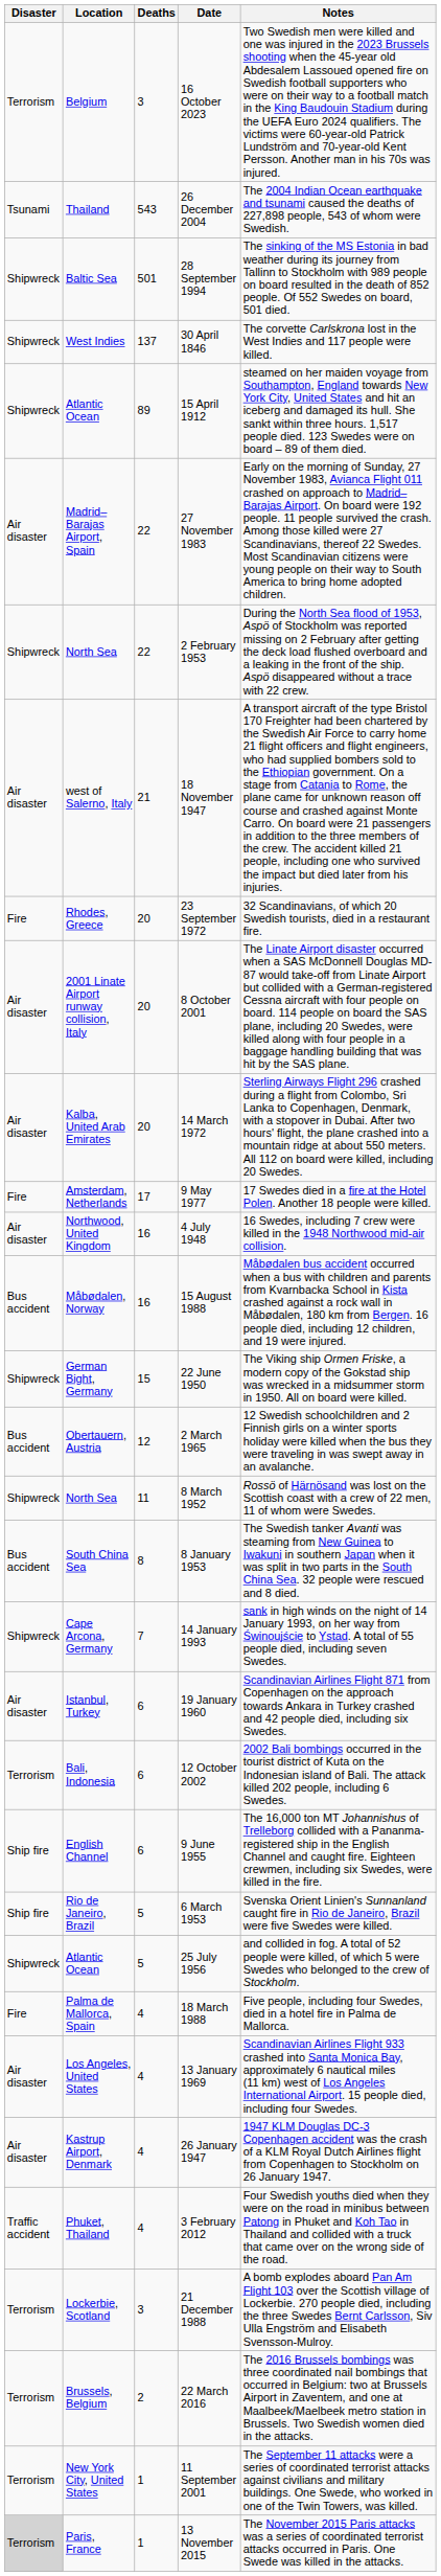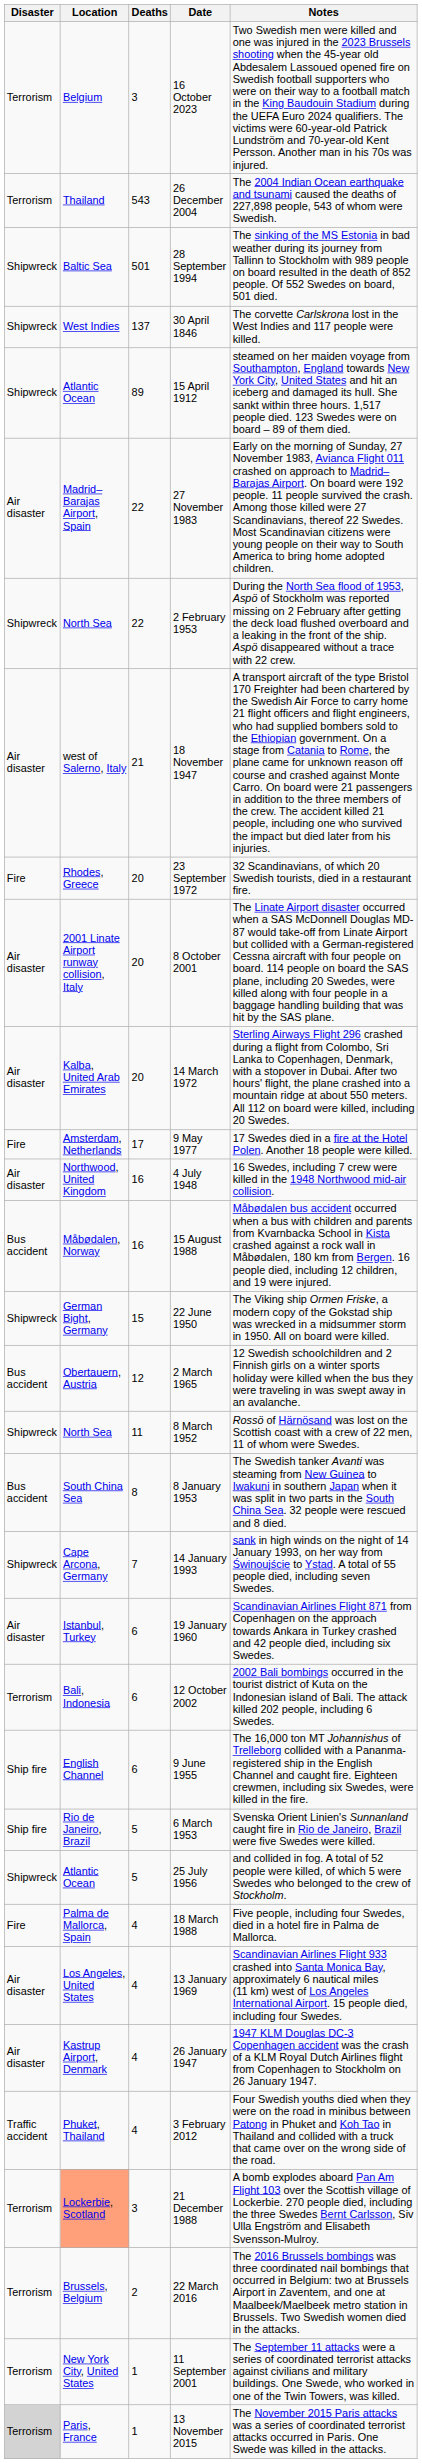 <table class="wikitable sortable">
 <tr>
 <th>Disaster</th>
 <th>Location</th>
 <th>Deaths</th>
 <th>Date</th>
 <th>Notes</th>
 </tr>
 <tr>
 <td>Terrorism</td>
 <td><a href='#'>Belgium</a></td>
 <td>3</td>
 <td>16<br>October 2023</td>
 <td>Two Swedish men were killed and one was injured in the <a href='#'>2023 Brussels shooting</a> when the 45-year old Abdesalem Lassoued opened fire on Swedish football supporters who were on their way to a football match in the <a href='#'>King Baudouin Stadium</a> during the UEFA Euro 2024 qualifiers. The victims were 60-year-old Patrick Lundström and 70-year-old Kent Persson. Another man in his 70s was injured.</td>
 </tr>
 <tr>
-<td>Tsunami</td>
+<td>Terrorism</td>
 <td><a href='#'>Thailand</a></td>
 <td>543</td>
 <td>26 December 2004</td>
 <td>The <a href='#'>2004 Indian Ocean earthquake and tsunami</a> caused the deaths of 227,898 people, 543 of whom were Swedish.</td>
 </tr>
 <tr>
 <td>Shipwreck</td>
 <td><a href='#'>Baltic Sea</a></td>
 <td>501</td>
 <td>28 September 1994</td>
 <td>The <a href='#'>sinking of the MS Estonia</a> in bad weather during its journey from Tallinn to Stockholm with 989 people on board resulted in the death of 852 people. Of 552 Swedes on board, 501 died.</td>
 </tr>
 <tr>
 <td>Shipwreck</td>
 <td><a href='#'>West Indies</a></td>
 <td>137</td>
 <td>30 April 1846</td>
 <td>The corvette <em>Carlskrona</em> lost in the West Indies and 117 people were killed.</td>
 </tr>
 <tr>
 <td>Shipwreck</td>
 <td><a href='#'>Atlantic Ocean</a></td>
 <td>89</td>
 <td>15 April 1912</td>
 <td> steamed on her maiden voyage from <a href='#'>Southampton</a>, <a href='#'>England</a> towards <a href='#'>New York City</a>, <a href='#'>United States</a> and hit an iceberg and damaged its hull. She sankt within three hours. 1,517 people died. 123 Swedes were on board – 89 of them died.</td>
 </tr>
 <tr>
 <td>Air disaster</td>
 <td><a href='#'>Madrid–Barajas Airport</a>, <a href='#'>Spain</a></td>
 <td>22</td>
 <td>27 November 1983</td>
 <td>Early on the morning of Sunday, 27 November 1983, <a href='#'>Avianca Flight 011</a> crashed on approach to <a href='#'>Madrid–Barajas Airport</a>. On board were 192 people. 11 people survived the crash. Among those killed were 27 Scandinavians, thereof 22 Swedes. Most Scandinavian citizens were young people on their way to South America to bring home adopted children.</td>
 </tr>
 <tr>
 <td>Shipwreck</td>
 <td><a href='#'>North Sea</a></td>
 <td>22</td>
 <td>2 February 1953</td>
 <td>During the <a href='#'>North Sea flood of 1953</a>, <em>Aspö</em> of Stockholm was reported missing on 2 February after getting the deck load flushed overboard and a leaking in the front of the ship. <em>Aspö</em> disappeared without a trace with 22 crew.</td>
 </tr>
 <tr>
 <td>Air disaster</td>
 <td>west of <a href='#'>Salerno</a>, <a href='#'>Italy</a></td>
 <td>21</td>
 <td>18 November 1947</td>
 <td>A transport aircraft of the type Bristol 170 Freighter had been chartered by the Swedish Air Force to carry home 21 flight officers and flight engineers, who had supplied bombers sold to the <a href='#'>Ethiopian</a> government. On a stage from <a href='#'>Catania</a> to <a href='#'>Rome</a>, the plane came for unknown reason off course and crashed against Monte Carro. On board were 21 passengers in addition to the three members of the crew. The accident killed 21 people, including one who survived the impact but died later from his injuries.</td>
 </tr>
 <tr>
 <td>Fire</td>
 <td><a href='#'>Rhodes</a>, <a href='#'>Greece</a></td>
 <td>20</td>
 <td>23 September 1972</td>
 <td>32 Scandinavians, of which 20 Swedish tourists, died in a restaurant fire.</td>
 </tr>
 <tr>
 <td>Air disaster</td>
 <td><a href='#'>2001 Linate Airport runway collision</a>, <a href='#'>Italy</a></td>
 <td>20</td>
 <td>8 October 2001</td>
 <td>The <a href='#'>Linate Airport disaster</a> occurred when a SAS McDonnell Douglas MD-87 would take-off from Linate Airport but collided with a German-registered Cessna aircraft with four people on board. 114 people on board the SAS plane, including 20 Swedes, were killed along with four people in a baggage handling building that was hit by the SAS plane.</td>
 </tr>
 <tr>
 <td>Air disaster</td>
 <td><a href='#'>Kalba</a>, <a href='#'>United Arab Emirates</a></td>
 <td>20</td>
 <td>14 March 1972</td>
 <td><a href='#'>Sterling Airways Flight 296</a> crashed during a flight from Colombo, Sri Lanka to Copenhagen, Denmark, with a stopover in Dubai. After two hours' flight, the plane crashed into a mountain ridge at about 550 meters. All 112 on board were killed, including 20 Swedes.</td>
 </tr>
 <tr>
 <td>Fire</td>
 <td><a href='#'>Amsterdam</a>, <a href='#'>Netherlands</a></td>
 <td>17</td>
 <td>9 May 1977</td>
 <td>17 Swedes died in a <a href='#'>fire at the Hotel Polen</a>. Another 18 people were killed.</td>
 </tr>
 <tr>
 <td>Air disaster</td>
 <td><a href='#'>Northwood</a>, <a href='#'>United Kingdom</a></td>
 <td>16</td>
 <td>4 July 1948</td>
 <td>16 Swedes, including 7 crew were killed in the <a href='#'>1948 Northwood mid-air collision</a>.</td>
 </tr>
 <tr>
 <td>Bus accident</td>
 <td><a href='#'>Måbødalen</a>, <a href='#'>Norway</a></td>
 <td>16</td>
 <td>15 August 1988</td>
 <td><a href='#'>Måbødalen bus accident</a> occurred when a bus with children and parents from Kvarnbacka School in <a href='#'>Kista</a> crashed against a rock wall in Måbødalen, 180 km from <a href='#'>Bergen</a>. 16 people died, including 12 children, and 19 were injured.</td>
 </tr>
 <tr>
 <td>Shipwreck</td>
 <td><a href='#'>German Bight</a>, <a href='#'>Germany</a></td>
 <td>15</td>
 <td>22 June 1950</td>
 <td>The Viking ship <em>Ormen Friske</em>, a modern copy of the Gokstad ship was wrecked in a midsummer storm in 1950. All on board were killed.</td>
 </tr>
 <tr>
 <td>Bus accident</td>
 <td><a href='#'>Obertauern</a>, <a href='#'>Austria</a></td>
 <td>12</td>
 <td>2 March 1965</td>
 <td>12 Swedish schoolchildren and 2 Finnish girls on a winter sports holiday were killed when the bus they were traveling in was swept away in an avalanche.</td>
 </tr>
 <tr>
 <td>Shipwreck</td>
 <td><a href='#'>North Sea</a></td>
 <td>11</td>
 <td>8 March 1952</td>
 <td><em>Rossö</em> of <a href='#'>Härnösand</a> was lost on the Scottish coast with a crew of 22 men, 11 of whom were Swedes.</td>
 </tr>
 <tr>
 <td>Bus accident</td>
 <td><a href='#'>South China Sea</a></td>
 <td>8</td>
 <td>8 January 1953</td>
 <td>The Swedish tanker <em>Avanti</em> was steaming from <a href='#'>New Guinea</a> to <a href='#'>Iwakuni</a> in southern <a href='#'>Japan</a> when it was split in two parts in the <a href='#'>South China Sea</a>. 32 people were rescued and 8 died.</td>
 </tr>
 <tr>
 <td>Shipwreck</td>
 <td><a href='#'>Cape Arcona</a>, <a href='#'>Germany</a></td>
 <td>7</td>
 <td>14 January 1993</td>
 <td> <a href='#'>sank</a> in high winds on the night of 14 January 1993, on her way from <a href='#'>Świnoujście</a> to <a href='#'>Ystad</a>. A total of 55 people died, including seven Swedes.</td>
 </tr>
 <tr>
 <td>Air disaster</td>
 <td><a href='#'>Istanbul</a>, <a href='#'>Turkey</a></td>
 <td>6</td>
 <td>19 January 1960</td>
 <td><a href='#'>Scandinavian Airlines Flight 871</a> from Copenhagen on the approach towards Ankara in Turkey crashed and 42 people died, including six Swedes.</td>
 </tr>
 <tr>
 <td>Terrorism</td>
 <td><a href='#'>Bali</a>, <a href='#'>Indonesia</a></td>
 <td>6</td>
 <td>12 October 2002</td>
 <td><a href='#'>2002 Bali bombings</a> occurred in the tourist district of Kuta on the Indonesian island of Bali. The attack killed 202 people, including 6 Swedes.</td>
 </tr>
 <tr>
 <td>Ship fire</td>
 <td><a href='#'>English Channel</a></td>
 <td>6</td>
 <td>9 June 1955</td>
 <td>The 16,000 ton MT <em>Johannishus</em> of <a href='#'>Trelleborg</a> collided with a Pananma-registered ship in the English Channel and caught fire. Eighteen crewmen, including six Swedes, were killed in the fire.</td>
 </tr>
 <tr>
 <td>Ship fire</td>
 <td><a href='#'>Rio de Janeiro</a>, <a href='#'>Brazil</a></td>
 <td>5</td>
 <td>6 March 1953</td>
 <td>Svenska Orient Linien's <em>Sunnanland</em> caught fire in <a href='#'>Rio de Janeiro</a>, <a href='#'>Brazil</a> were five Swedes were killed.</td>
 </tr>
 <tr>
 <td>Shipwreck</td>
 <td><a href='#'>Atlantic Ocean</a></td>
 <td>5</td>
 <td>25 July 1956</td>
 <td> and  collided in fog. A total of 52 people were killed, of which 5 were Swedes who belonged to the crew of <em>Stockholm</em>.</td>
 </tr>
 <tr>
 <td>Fire</td>
 <td><a href='#'>Palma de Mallorca</a>, <a href='#'>Spain</a></td>
 <td>4</td>
 <td>18 March 1988</td>
 <td>Five people, including four Swedes, died in a hotel fire in Palma de Mallorca.</td>
 </tr>
 <tr>
 <td>Air disaster</td>
 <td><a href='#'>Los Angeles</a>, <a href='#'>United States</a></td>
 <td>4</td>
 <td>13 January 1969</td>
 <td><a href='#'>Scandinavian Airlines Flight 933</a> crashed into <a href='#'>Santa Monica Bay</a>, approximately 6 nautical miles (11 km) west of <a href='#'>Los Angeles International Airport</a>. 15 people died, including four Swedes.</td>
 </tr>
 <tr>
 <td>Air disaster</td>
 <td><a href='#'>Kastrup Airport</a>, <a href='#'>Denmark</a></td>
 <td>4</td>
 <td>26 January 1947</td>
 <td><a href='#'>1947 KLM Douglas DC-3 Copenhagen accident</a> was the crash of a KLM Royal Dutch Airlines flight from Copenhagen to Stockholm on 26 January 1947.</td>
 </tr>
 <tr>
 <td>Traffic accident</td>
 <td><a href='#'>Phuket</a>, <a href='#'>Thailand</a></td>
 <td>4</td>
 <td>3 February 2012</td>
 <td>Four Swedish youths died when they were on the road in minibus between <a href='#'>Patong</a> in Phuket and <a href='#'>Koh Tao</a> in Thailand and collided with a truck that came over on the wrong side of the road.</td>
 </tr>
 <tr>
 <td>Terrorism</td>
-<td><a href='#'>Lockerbie</a>, <a href='#'>Scotland</a></td>
+<td style="background: lightsalmon;"><a href='#'>Lockerbie</a>, <a href='#'>Scotland</a></td>
 <td>3</td>
 <td>21 December 1988</td>
 <td>A bomb explodes aboard <a href='#'>Pan Am Flight 103</a> over the Scottish village of Lockerbie. 270 people died, including the three Swedes <a href='#'>Bernt Carlsson</a>, Siv Ulla Engström and Elisabeth Svensson-Mulroy.</td>
 </tr>
 <tr>
 <td>Terrorism</td>
 <td><a href='#'>Brussels</a>, <a href='#'>Belgium</a></td>
 <td>2</td>
 <td>22 March 2016</td>
 <td>The <a href='#'>2016 Brussels bombings</a> was three coordinated nail bombings that occurred in Belgium: two at Brussels Airport in Zaventem, and one at Maalbeek/Maelbeek metro station in Brussels. Two Swedish women died in the attacks.</td>
 </tr>
 <tr>
 <td>Terrorism</td>
 <td><a href='#'>New York City</a>, <a href='#'>United States</a></td>
 <td>1</td>
 <td>11 September 2001</td>
 <td>The <a href='#'>September 11 attacks</a> were a series of coordinated terrorist attacks against civilians and military buildings. One Swede, who worked in one of the Twin Towers, was killed.</td>
 </tr>
 <tr>
 <td style="background: lightgrey;">Terrorism</td>
 <td><a href='#'>Paris</a>, <a href='#'>France</a></td>
 <td>1</td>
 <td>13 November 2015</td>
 <td>The <a href='#'>November 2015 Paris attacks</a> was a series of coordinated terrorist attacks occurred in Paris. One Swede was killed in the attacks.</td>
 </tr>
 </table>
